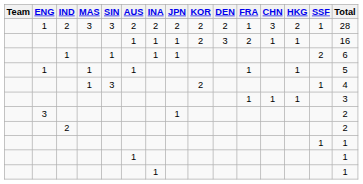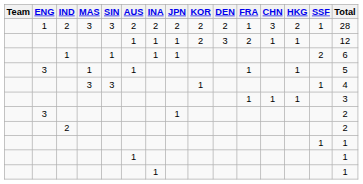 <table class=wikitable style="font-size:85%; text-align:center">
 <tr>
 <th>Team</th>
 <th><a href='#'>ENG</a></th>
 <th><a href='#'>IND</a></th>
 <th><a href='#'>MAS</a></th>
 <th><a href='#'>SIN</a></th>
 <th><a href='#'>AUS</a></th>
 <th><a href='#'>INA</a></th>
 <th><a href='#'>JPN</a></th>
 <th><a href='#'>KOR</a></th>
 <th><a href='#'>DEN</a></th>
 <th><a href='#'>FRA</a></th>
 <th><a href='#'>CHN</a></th>
 <th><a href='#'>HKG</a></th>
 <th><a href='#'>SSF</a></th>
 <th>Total</th>
 </tr>
 <tr>
 <td align=left></td>
 <td>1</td>
 <td>2</td>
 <td>3</td>
 <td>3</td>
 <td>2</td>
 <td>2</td>
 <td>2</td>
 <td>2</td>
 <td>2</td>
 <td>1</td>
 <td>3</td>
 <td>2</td>
 <td>1</td>
 <td>28</td>
 </tr>
 <tr>
 <td align=left></td>
 <td></td>
 <td></td>
 <td></td>
 <td></td>
 <td>1</td>
 <td>1</td>
 <td>1</td>
 <td>2</td>
 <td>3</td>
 <td>2</td>
 <td>1</td>
 <td>1</td>
 <td></td>
-<td>16</td>
+<td>12</td>
 </tr>
 <tr>
 <td align=left></td>
 <td></td>
 <td>1</td>
 <td></td>
 <td>1</td>
 <td></td>
 <td>1</td>
 <td>1</td>
 <td></td>
 <td></td>
 <td></td>
 <td></td>
 <td></td>
 <td>2</td>
 <td>6</td>
 </tr>
 <tr>
 <td align=left></td>
-<td>1</td>
+<td>3</td>
 <td></td>
 <td>1</td>
 <td></td>
 <td>1</td>
 <td></td>
 <td></td>
 <td></td>
 <td></td>
 <td>1</td>
 <td></td>
 <td>1</td>
 <td></td>
 <td>5</td>
 </tr>
 <tr>
 <td align=left></td>
 <td></td>
 <td></td>
-<td>1</td>
+<td>3</td>
 <td>3</td>
 <td></td>
 <td></td>
 <td></td>
-<td>2</td>
+<td>1</td>
 <td></td>
 <td></td>
 <td></td>
 <td></td>
 <td>1</td>
 <td>4</td>
 </tr>
 <tr>
 <td align=left></td>
 <td></td>
 <td></td>
 <td></td>
 <td></td>
 <td></td>
 <td></td>
 <td></td>
 <td></td>
 <td></td>
 <td>1</td>
 <td>1</td>
 <td>1</td>
 <td></td>
 <td>3</td>
 </tr>
 <tr>
 <td align=left></td>
 <td>3</td>
 <td></td>
 <td></td>
 <td></td>
 <td></td>
 <td></td>
 <td>1</td>
 <td></td>
 <td></td>
 <td></td>
 <td></td>
 <td></td>
 <td></td>
 <td>2</td>
 </tr>
 <tr>
 <td align=left></td>
 <td></td>
 <td>2</td>
 <td></td>
 <td></td>
 <td></td>
 <td></td>
 <td></td>
 <td></td>
 <td></td>
 <td></td>
 <td></td>
 <td></td>
 <td></td>
 <td>2</td>
 </tr>
 <tr>
 <td align=left></td>
 <td></td>
 <td></td>
 <td></td>
 <td></td>
 <td></td>
 <td></td>
 <td></td>
 <td></td>
 <td></td>
 <td></td>
 <td></td>
 <td></td>
 <td>1</td>
 <td>1</td>
 </tr>
 <tr>
 <td align=left></td>
 <td></td>
 <td></td>
 <td></td>
 <td></td>
 <td>1</td>
 <td></td>
 <td></td>
 <td></td>
 <td></td>
 <td></td>
 <td></td>
 <td></td>
 <td></td>
 <td>1</td>
 </tr>
 <tr>
 <td align=left></td>
 <td></td>
 <td></td>
 <td></td>
 <td></td>
 <td></td>
 <td>1</td>
 <td></td>
 <td></td>
 <td></td>
 <td></td>
 <td></td>
 <td></td>
 <td></td>
 <td>1</td>
 </tr>
 </table>
